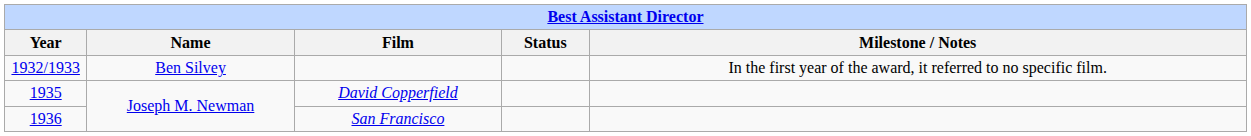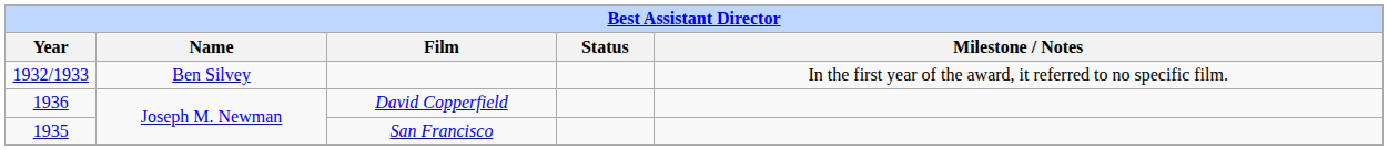 <table class="wikitable" style="text-align: center">
 <tr ---- bgcolor="#bfd7ff">
 <td colspan=5 align=center><strong><a href='#'>Best Assistant Director</a></strong></td>
 </tr>
 <tr ---- bgcolor="#ebf5ff">
 <th width="075">Year</th>
 <th width="200">Name</th>
 <th width="200">Film</th>
 <th width="080">Status</th>
 <th width="650">Milestone / Notes</th>
 </tr>
 <tr>
 <td><a href='#'>1932/1933</a></td>
 <td><a href='#'>Ben Silvey</a></td>
 <td></td>
 <td></td>
 <td>In the first year of the award, it referred to no specific film.</td>
 </tr>
 <tr>
-<td><a href='#'>1935</a></td>
+<td><a href='#'>1936</a></td>
 <td rowspan=2><a href='#'>Joseph M. Newman</a></td>
 <td><em><a href='#'>David Copperfield</a></em></td>
 <td></td>
 <td></td>
 </tr>
 <tr>
-<td><a href='#'>1936</a></td>
+<td><a href='#'>1935</a></td>
 <td><em><a href='#'>San Francisco</a></em></td>
 <td></td>
 <td></td>
 </tr>
 </table>
